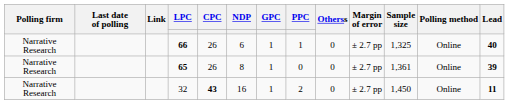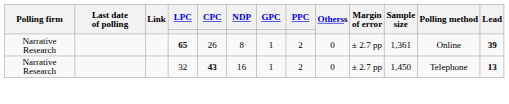 <table class="wikitable sortable mw-datatable" style="text-align:center;font-size:90%;line-height:14px;">
 <tr style="height:40px;">
 <th style="width:105px;" rowspan="2">Polling firm</th>
 <th style="width:105px;" rowspan="2">Last date<br>of polling</th>
 <th rowspan="2">Link</th>
 <th style="width:40px;"><a href='#'>LPC</a></th>
 <th style="width:40px;"><a href='#'>CPC</a></th>
 <th style="width:40px;"><a href='#'>NDP</a></th>
 <th style="width:40px;"><a href='#'>GPC</a></th>
 <th style="width:40px;"><a href='#'>PPC</a></th>
 <th rowspan="2" style="width:40px"><a href='#'>Others</a>s</th>
 <th rowspan="2">Margin<br>of error</th>
 <th rowspan="2">Sample<br>size</th>
 <th rowspan="2">Polling method</th>
 <th rowspan="2">Lead</th>
 </tr>
 <tr class="sorttop">
 <th style="background:"></th>
 <th style="background:"></th>
 <th style="background:"></th>
 <th style="background:"></th>
 <th style="background:"></th>
 </tr>
 <tr>
 <td>Narrative Research</td>
 <td></td>
 <td></td>
-<td><strong>66</strong></td>
-<td>26</td>
-<td>6</td>
-<td>1</td>
-<td>1</td>
-<td>0</td>
-<td>± 2.7 pp</td>
-<td>1,325</td>
-<td>Online</td>
-<td><strong>40</strong></td>
-</tr>
-<tr>
-<td>Narrative Research</td>
-<td></td>
-<td></td>
 <td><strong>65</strong></td>
 <td>26</td>
 <td>8</td>
 <td>1</td>
-<td>0</td>
+<td>2</td>
 <td>0</td>
 <td>± 2.7 pp</td>
 <td>1,361</td>
 <td>Online</td>
 <td><strong>39</strong></td>
 </tr>
 <tr>
 <td>Narrative Research</td>
 <td></td>
 <td></td>
 <td>32</td>
 <td><strong>43</strong></td>
 <td>16</td>
 <td>1</td>
 <td>2</td>
 <td>0</td>
 <td>± 2.7 pp</td>
 <td>1,450</td>
-<td>Online</td>
-<td><strong>11</strong></td>
+<td>Telephone</td>
+<td><strong>13</strong></td>
 </tr>
 </table>
